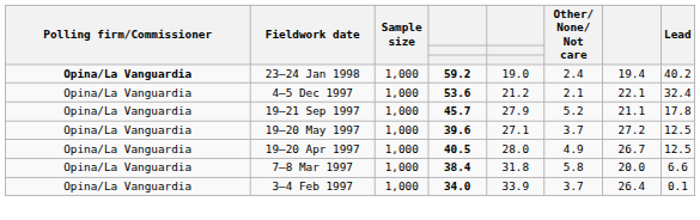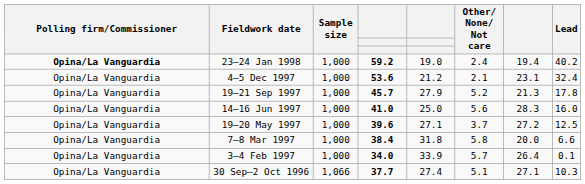 <table class="wikitable collapsible" style="text-align:center; font-size:90%; line-height:14px;">
 <tr style="height:42px; background-color:#E9E9E9">
 <th style="width:250px;" rowspan="3">Polling firm/Commissioner</th>
 <th style="width:125px;" rowspan="3">Fieldwork date</th>
 <th style="width:50px;" rowspan="3">Sample size</th>
 <th style="width:55px;"></th>
 <th style="width:55px;"></th>
 <th style="width:55px;" rowspan="3">Other/<br>None/<br>Not<br>care</th>
 <th style="width:55px;" rowspan="3"></th>
 <th style="width:30px;" rowspan="3">Lead</th>
 </tr>
 <tr>
 <th style="color:inherit;background:"></th>
 <th style="color:inherit;background:"></th>
 </tr>
 <tr>
 <th></th>
 <th></th>
 </tr>
 <tr>
 <td><strong>Opina/La Vanguardia</strong></td>
 <td>23–24 Jan 1998</td>
 <td>1,000</td>
 <td><strong>59.2</strong></td>
 <td>19.0</td>
 <td>2.4</td>
 <td>19.4</td>
 <td style="background:">40.2</td>
 </tr>
 <tr>
 <td>Opina/La Vanguardia</td>
 <td>4–5 Dec 1997</td>
 <td>1,000</td>
 <td><strong>53.6</strong></td>
 <td>21.2</td>
 <td>2.1</td>
-<td>22.1</td>
+<td>23.1</td>
 <td style="background:">32.4</td>
 </tr>
 <tr>
 <td>Opina/La Vanguardia</td>
 <td>19–21 Sep 1997</td>
 <td>1,000</td>
 <td><strong>45.7</strong></td>
 <td>27.9</td>
 <td>5.2</td>
-<td>21.1</td>
+<td>21.3</td>
 <td style="background:">17.8</td>
+</tr>
+<tr>
+<td>Opina/La Vanguardia</td>
+<td>14–16 Jun 1997</td>
+<td>1,000</td>
+<td><strong>41.0</strong></td>
+<td>25.0</td>
+<td>5.6</td>
+<td>28.3</td>
+<td style="background:">16.0</td>
 </tr>
 <tr>
 <td>Opina/La Vanguardia</td>
 <td>19–20 May 1997</td>
 <td>1,000</td>
 <td><strong>39.6</strong></td>
 <td>27.1</td>
 <td>3.7</td>
 <td>27.2</td>
-<td style="background:">12.5</td>
-</tr>
-<tr>
-<td>Opina/La Vanguardia</td>
-<td>19–20 Apr 1997</td>
-<td>1,000</td>
-<td><strong>40.5</strong></td>
-<td>28.0</td>
-<td>4.9</td>
-<td>26.7</td>
 <td style="background:">12.5</td>
 </tr>
 <tr>
 <td>Opina/La Vanguardia</td>
 <td>7–8 Mar 1997</td>
 <td>1,000</td>
 <td><strong>38.4</strong></td>
 <td>31.8</td>
 <td>5.8</td>
 <td>20.0</td>
 <td style="background:">6.6</td>
 </tr>
 <tr>
 <td>Opina/La Vanguardia</td>
 <td>3–4 Feb 1997</td>
 <td>1,000</td>
 <td><strong>34.0</strong></td>
 <td>33.9</td>
-<td>3.7</td>
+<td>5.7</td>
 <td>26.4</td>
 <td style="background:">0.1</td>
 </tr>
+<tr>
+<td>Opina/La Vanguardia</td>
+<td>30 Sep–2 Oct 1996</td>
+<td>1,066</td>
+<td><strong>37.7</strong></td>
+<td>27.4</td>
+<td>5.1</td>
+<td>27.1</td>
+<td style="background:">10.3</td>
+</tr>
 </table>
